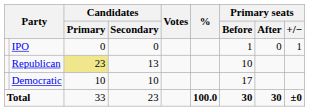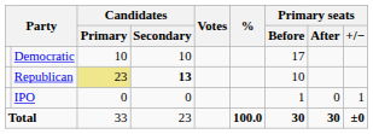 <table class="wikitable">
 <tr>
 <th colspan="2" rowspan="2">Party</th>
 <th colspan="2">Candidates</th>
 <th rowspan="2">Votes</th>
 <th rowspan="2">%</th>
 <th colspan="3">Primary seats</th>
 </tr>
 <tr>
 <th>Primary</th>
 <th>Secondary</th>
 <th>Before</th>
 <th>After</th>
 <th>+/−</th>
 </tr>
 <tr>
 <td style="background-color:"></td>
+<td><a href='#'>Democratic</a></td>
+<td style="text-align:right;">10</td>
+<td style="text-align:right;">10</td>
+<td style="text-align:right;"></td>
+<td style="text-align:right;"></td>
+<td style="text-align:right;">17</td>
+<td style="text-align:right;"></td>
+<td style="text-align:right;"></td>
+</tr>
+<tr>
+<td style="background-color:"></td>
+<td><a href='#'>Republican</a></td>
+<td style="background: khaki; text-align:right;">23</td>
+<td style="text-align:right;"><strong>13</strong></td>
+<td style="text-align:right;"></td>
+<td style="text-align:right;"></td>
+<td style="text-align:right;">10</td>
+<td style="text-align:right;"></td>
+<td style="text-align:center;"></td>
+</tr>
+<tr>
+<td style="background-color:"></td>
 <td><a href='#'>IPO</a></td>
 <td style="text-align:right;">0</td>
 <td style="text-align:right;">0</td>
 <td style="text-align:right;"></td>
 <td style="text-align:right;"></td>
 <td style="text-align:right;">1</td>
 <td style="text-align:right;">0</td>
 <td style="text-align:right;"> 1</td>
-</tr>
-<tr>
-<td style="background-color:"></td>
-<td><a href='#'>Republican</a></td>
-<td style="background: khaki; text-align:right;">23</td>
-<td style="text-align:right;">13</td>
-<td style="text-align:right;"></td>
-<td style="text-align:right;"></td>
-<td style="text-align:right;">10</td>
-<td style="text-align:right;"></td>
-<td style="text-align:center;"></td>
-</tr>
-<tr>
-<td style="background-color:"></td>
-<td><a href='#'>Democratic</a></td>
-<td style="text-align:right;">10</td>
-<td style="text-align:right;">10</td>
-<td style="text-align:right;"></td>
-<td style="text-align:right;"></td>
-<td style="text-align:right;">17</td>
-<td style="text-align:right;"></td>
-<td style="text-align:right;"></td>
 </tr>
 <tr>
 <td colspan="2"><strong>Total</strong></td>
 <td style="text-align:right;">33</td>
 <td style="text-align:right;">23</td>
 <td style="text-align:right;"></td>
 <td style="text-align:right;"><strong>100.0</strong></td>
 <td style="text-align:right;"><strong>30</strong></td>
 <td style="text-align:right;"><strong>30</strong></td>
 <td style="text-align:right;"><strong>±0</strong></td>
 </tr>
 </table>
